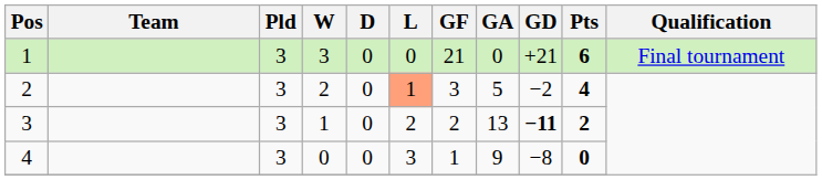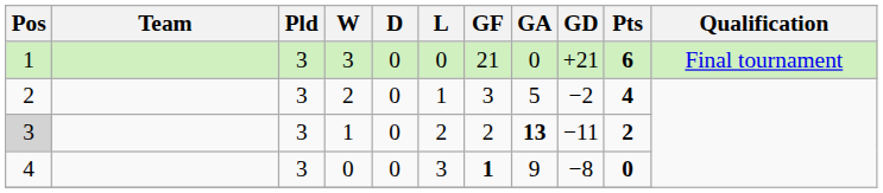 <table class="wikitable" border="1" style="text-align: center;">
 <tr>
 <th width="25"><abbr>Pos</abbr></th>
 <th width="150">Team</th>
 <th width="25"><abbr>Pld</abbr></th>
 <th width="25"><abbr>W</abbr></th>
 <th width="25"><abbr>D</abbr></th>
 <th width="25"><abbr>L</abbr></th>
 <th width="25"><abbr>GF</abbr></th>
 <th width="25"><abbr>GA</abbr></th>
 <th width="25"><abbr>GD</abbr></th>
 <th width="25"><abbr>Pts</abbr></th>
 <th width="150">Qualification</th>
 </tr>
 <tr bgcolor= #D0F0C0>
 <td>1</td>
 <td align="left"></td>
 <td>3</td>
 <td>3</td>
 <td>0</td>
 <td>0</td>
 <td>21</td>
 <td>0</td>
 <td>+21</td>
 <td><strong>6</strong></td>
 <td><a href='#'>Final tournament</a></td>
 </tr>
 <tr>
 <td>2</td>
 <td align="left"></td>
 <td>3</td>
 <td>2</td>
 <td>0</td>
-<td style="background: lightsalmon;">1</td>
+<td>1</td>
 <td>3</td>
 <td>5</td>
 <td>−2</td>
 <td><strong>4</strong></td>
 </tr>
 <tr>
-<td>3</td>
+<td style="background: lightgrey;">3</td>
 <td align="left"></td>
 <td>3</td>
 <td>1</td>
 <td>0</td>
 <td>2</td>
 <td>2</td>
-<td>13</td>
-<td><strong>−11</strong></td>
+<td><strong>13</strong></td>
+<td>−11</td>
 <td><strong>2</strong></td>
 </tr>
 <tr>
 <td>4</td>
 <td align="left"></td>
 <td>3</td>
 <td>0</td>
 <td>0</td>
 <td>3</td>
-<td>1</td>
+<td><strong>1</strong></td>
 <td>9</td>
 <td>−8</td>
 <td><strong>0</strong></td>
 </tr>
 <tr>
 </tr>
 </table>
